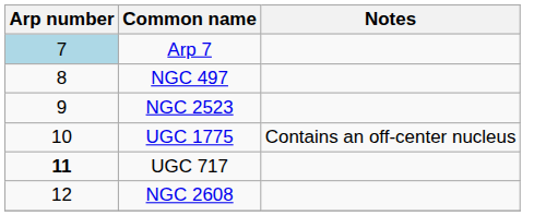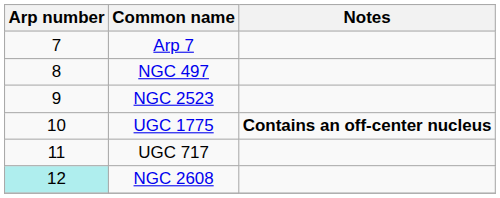 <table class="wikitable" style="text-align:center;">
 <tr>
 <th>Arp number</th>
 <th>Common name</th>
 <th>Notes</th>
 </tr>
 <tr>
-<td style="background: lightblue;">7</td>
+<td>7</td>
 <td><a href='#'>Arp 7</a></td>
 <td></td>
 </tr>
 <tr>
 <td>8</td>
 <td><a href='#'>NGC 497</a></td>
 <td></td>
 </tr>
 <tr>
 <td>9</td>
 <td><a href='#'>NGC 2523</a></td>
 <td></td>
 </tr>
 <tr>
 <td>10</td>
 <td><a href='#'>UGC 1775</a></td>
-<td>Contains an off-center nucleus</td>
+<td><strong>Contains an off-center nucleus</strong></td>
 </tr>
 <tr>
-<td><strong>11</strong></td>
+<td>11</td>
 <td>UGC 717</td>
 <td></td>
 </tr>
 <tr>
-<td>12</td>
+<td style="background: paleturquoise;">12</td>
 <td><a href='#'>NGC 2608</a></td>
 <td></td>
 </tr>
 <tr>
 </tr>
 </table>
